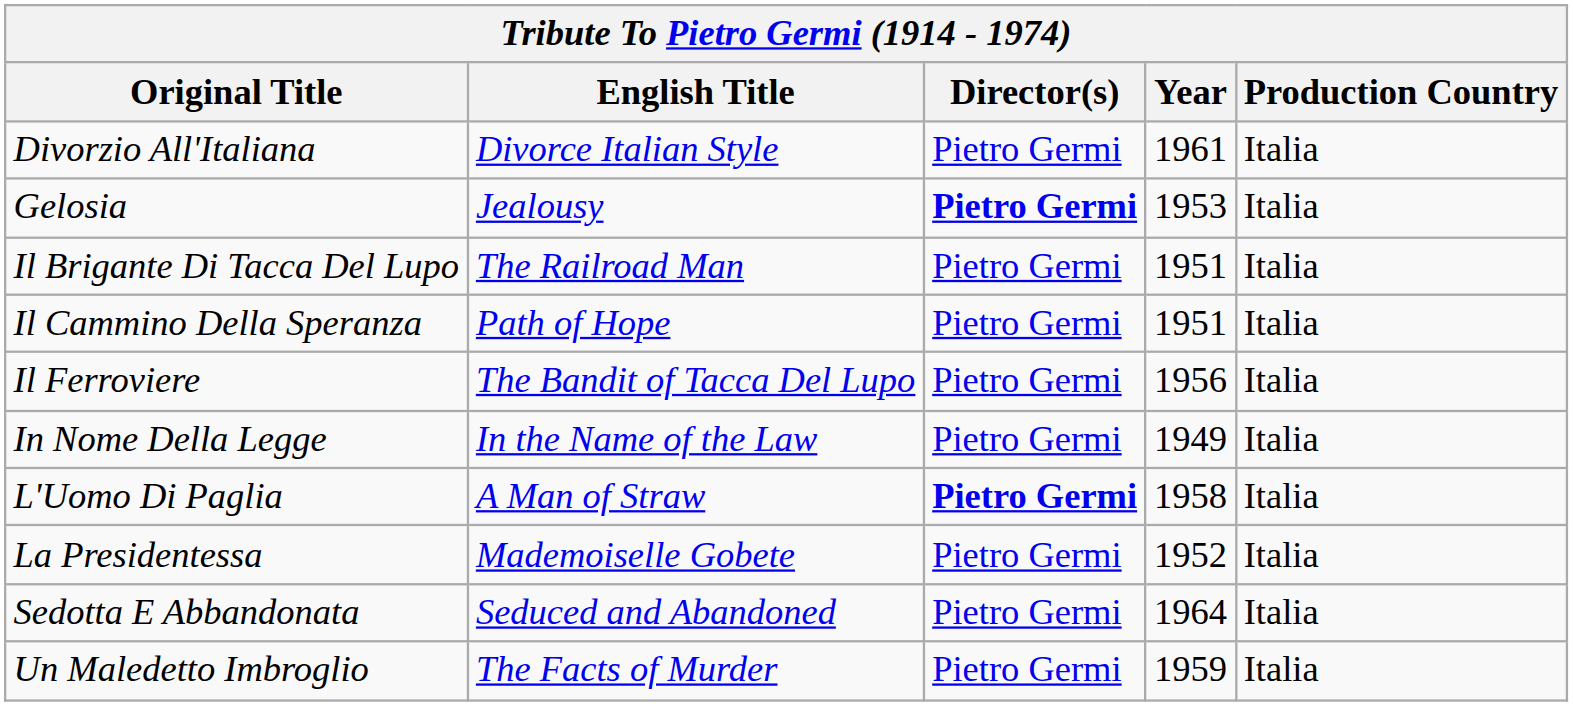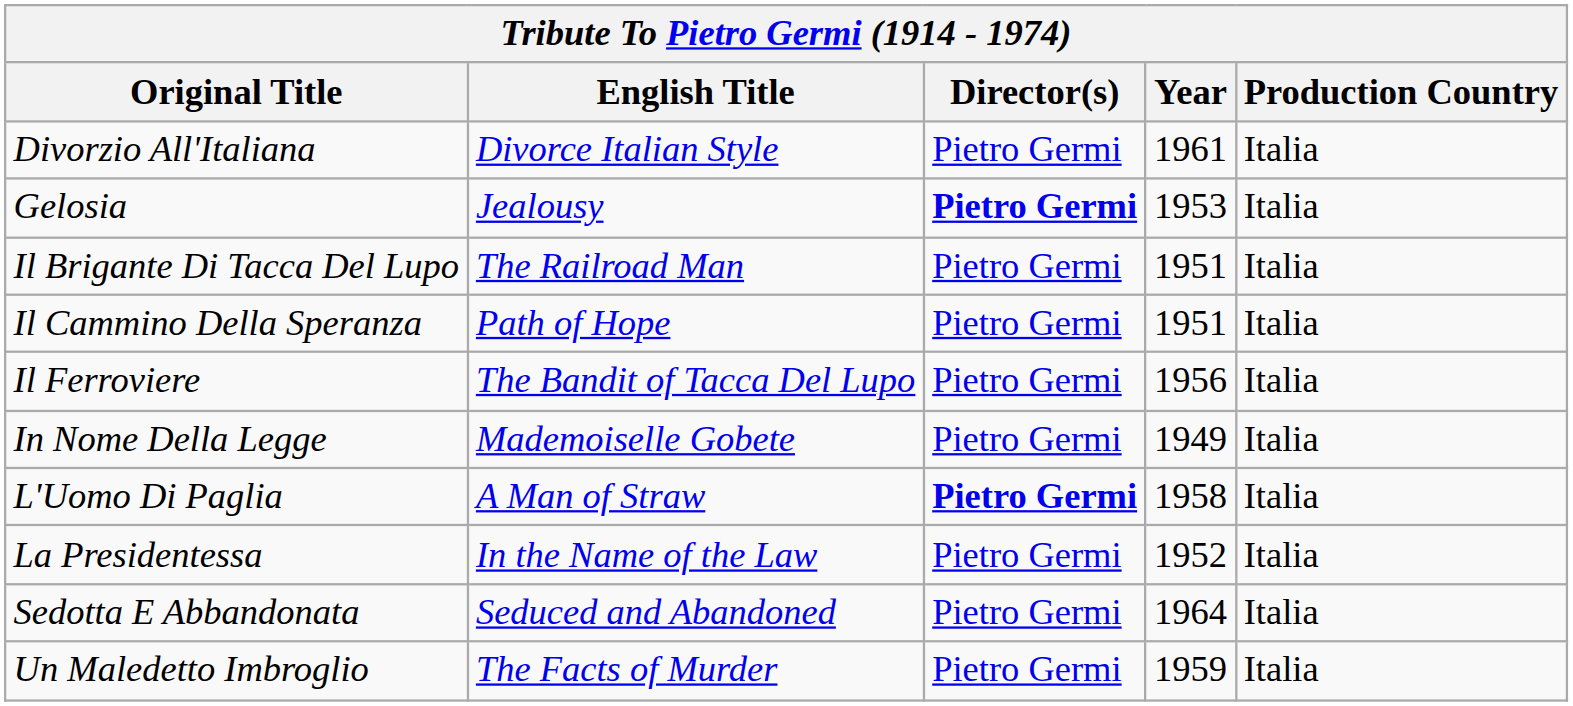 <table class="wikitable">
 <tr>
 <th colspan="5"><em>Tribute To <a href='#'>Pietro Germi</a> (1914 - 1974)</em></th>
 </tr>
 <tr>
 <th>Original Title</th>
 <th>English Title</th>
 <th>Director(s)</th>
 <th>Year</th>
 <th>Production Country</th>
 </tr>
 <tr>
 <td><em>Divorzio All'Italiana</em></td>
 <td><em><a href='#'>Divorce Italian Style</a></em></td>
 <td><a href='#'>Pietro Germi</a></td>
 <td>1961</td>
 <td>Italia</td>
 </tr>
 <tr>
 <td><em>Gelosia</em></td>
 <td><em><a href='#'>Jealousy</a></em></td>
 <td><strong><a href='#'>Pietro Germi</a></strong></td>
 <td>1953</td>
 <td>Italia</td>
 </tr>
 <tr>
 <td><em>Il Brigante Di Tacca Del Lupo</em></td>
 <td><em><a href='#'>The Railroad Man</a></em></td>
 <td><a href='#'>Pietro Germi</a></td>
 <td>1951</td>
 <td>Italia</td>
 </tr>
 <tr>
 <td><em>Il Cammino Della Speranza</em></td>
 <td><em><a href='#'>Path of Hope</a></em></td>
 <td><a href='#'>Pietro Germi</a></td>
 <td>1951</td>
 <td>Italia</td>
 </tr>
 <tr>
 <td><em>Il Ferroviere</em></td>
 <td><em><a href='#'>The Bandit of Tacca Del Lupo</a></em></td>
 <td><a href='#'>Pietro Germi</a></td>
 <td>1956</td>
 <td>Italia</td>
 </tr>
 <tr>
 <td><em>In Nome Della Legge</em></td>
-<td><em><a href='#'>In the Name of the Law</a></em></td>
+<td><em><a href='#'>Mademoiselle Gobete</a></em></td>
 <td><a href='#'>Pietro Germi</a></td>
 <td>1949</td>
 <td>Italia</td>
 </tr>
 <tr>
 <td><em>L'Uomo Di Paglia</em></td>
 <td><em><a href='#'>A Man of Straw</a></em></td>
 <td><strong><a href='#'>Pietro Germi</a></strong></td>
 <td>1958</td>
 <td>Italia</td>
 </tr>
 <tr>
 <td><em>La Presidentessa</em></td>
-<td><em><a href='#'>Mademoiselle Gobete</a></em></td>
+<td><em><a href='#'>In the Name of the Law</a></em></td>
 <td><a href='#'>Pietro Germi</a></td>
 <td>1952</td>
 <td>Italia</td>
 </tr>
 <tr>
 <td><em>Sedotta E Abbandonata</em></td>
 <td><em><a href='#'>Seduced and Abandoned</a></em></td>
 <td><a href='#'>Pietro Germi</a></td>
 <td>1964</td>
 <td>Italia</td>
 </tr>
 <tr>
 <td><em>Un Maledetto Imbroglio</em></td>
 <td><em><a href='#'>The Facts of Murder</a></em></td>
 <td><a href='#'>Pietro Germi</a></td>
 <td>1959</td>
 <td>Italia</td>
 </tr>
 </table>
